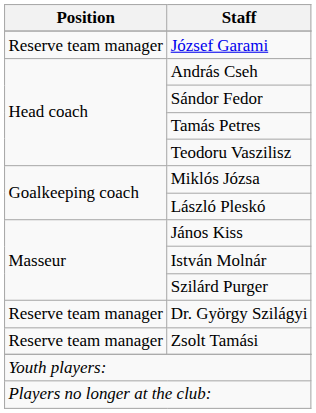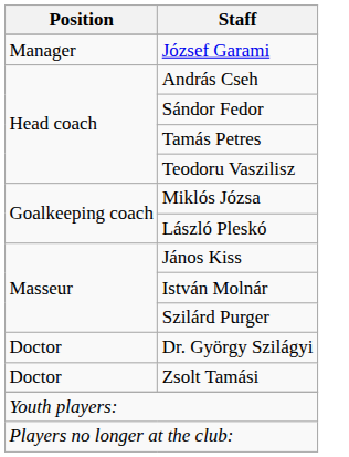 <table class="wikitable">
 <tr>
 <th>Position</th>
 <th>Staff</th>
 </tr>
 <tr>
 </tr>
 <tr>
-<td>Reserve team manager</td>
+<td>Manager</td>
 <td> <a href='#'>József Garami</a></td>
 </tr>
 <tr>
 <td rowspan="4">Head coach</td>
 <td> András Cseh</td>
 </tr>
 <tr>
 <td> Sándor Fedor</td>
 </tr>
 <tr>
 <td> Tamás Petres</td>
 </tr>
 <tr>
 <td>  Teodoru Vaszilisz</td>
 </tr>
 <tr>
 <td rowspan="2">Goalkeeping coach</td>
 <td> Miklós Józsa</td>
 </tr>
 <tr>
 <td> László Pleskó</td>
 </tr>
 <tr>
 <td rowspan="3">Masseur</td>
 <td> János Kiss</td>
 </tr>
 <tr>
 <td> István Molnár</td>
 </tr>
 <tr>
 <td> Szilárd Purger</td>
 </tr>
 <tr>
-<td>Reserve team manager</td>
+<td>Doctor</td>
 <td> Dr. György Szilágyi</td>
 </tr>
 <tr>
-<td>Reserve team manager</td>
+<td>Doctor</td>
 <td> Zsolt Tamási</td>
 </tr>
 <tr>
 </tr>
 <tr>
 <td colspan="14"><em>Youth players:</em><br>             </td>
 </tr>
 <tr>
 <td colspan="14"><em>Players no longer at the club:</em><br> </td>
 </tr>
 </table>
